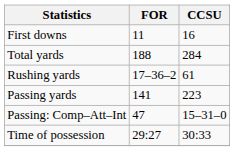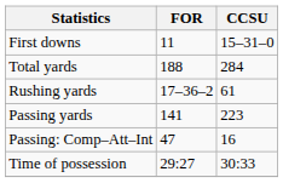 <table class="wikitable" style="float: left;">
 <tr>
 <th>Statistics</th>
 <th>FOR</th>
 <th>CCSU</th>
 </tr>
 <tr>
 <td>First downs</td>
 <td>11</td>
-<td>16</td>
+<td>15–31–0</td>
 </tr>
 <tr>
 <td>Total yards</td>
 <td>188</td>
 <td>284</td>
 </tr>
 <tr>
 <td>Rushing yards</td>
 <td>17–36–2</td>
 <td>61</td>
 </tr>
 <tr>
 <td>Passing yards</td>
 <td>141</td>
 <td>223</td>
 </tr>
 <tr>
 <td>Passing: Comp–Att–Int</td>
 <td>47</td>
-<td>15–31–0</td>
+<td>16</td>
 </tr>
 <tr>
 <td>Time of possession</td>
 <td>29:27</td>
 <td>30:33</td>
 </tr>
 <tr>
 </tr>
 </table>
